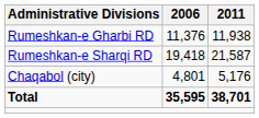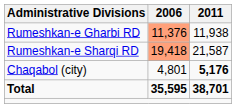 <table class="wikitable">
 <tr>
 <th>Administrative Divisions</th>
 <th>2006</th>
 <th>2011</th>
 </tr>
 <tr>
 <td><a href='#'>Rumeshkan-e Gharbi RD</a></td>
-<td style="text-align: right;">11,376</td>
+<td style="background: lightsalmon; text-align: right;">11,376</td>
 <td style="text-align: right;">11,938</td>
 </tr>
 <tr>
 <td><a href='#'>Rumeshkan-e Sharqi RD</a></td>
-<td style="text-align: right;">19,418</td>
+<td style="background: lightsalmon; text-align: right;">19,418</td>
 <td style="text-align: right;">21,587</td>
 </tr>
 <tr>
 <td><a href='#'>Chaqabol</a> (city)</td>
 <td style="text-align: right;">4,801</td>
-<td style="text-align: right;">5,176</td>
+<td style="text-align: right;"><strong>5,176</strong></td>
 </tr>
 <tr>
 <td><strong>Total</strong></td>
 <td style="text-align: right;"><strong>35,595</strong></td>
 <td style="text-align: right;"><strong>38,701</strong></td>
 </tr>
 <tr>
 <td colspan=4></td>
 </tr>
 </table>
